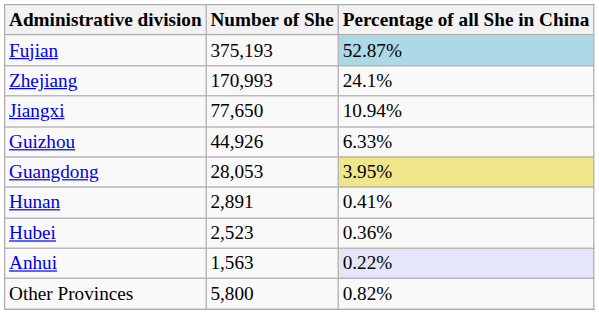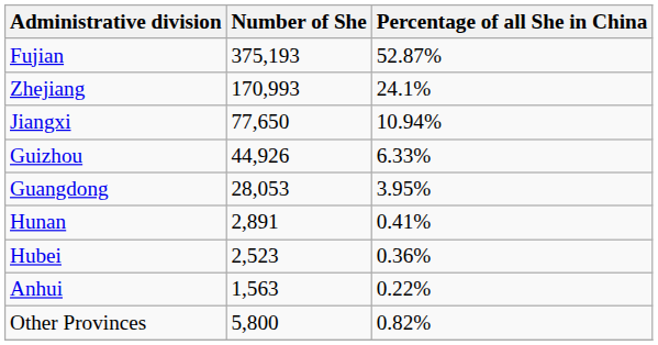 <table class="wikitable">
 <tr ---->
 <th>Administrative division</th>
 <th>Number of She</th>
 <th>Percentage of all She in China</th>
 </tr>
 <tr ---->
 <td><a href='#'>Fujian</a></td>
 <td>375,193</td>
-<td style="background: lightblue;">52.87%</td>
+<td>52.87%</td>
 </tr>
 <tr ---->
 <td><a href='#'>Zhejiang</a></td>
 <td>170,993</td>
 <td>24.1%</td>
 </tr>
 <tr ---->
 <td><a href='#'>Jiangxi</a></td>
 <td>77,650</td>
 <td>10.94%</td>
 </tr>
 <tr ---->
 <td><a href='#'>Guizhou</a></td>
 <td>44,926</td>
 <td>6.33%</td>
 </tr>
 <tr ---->
 <td><a href='#'>Guangdong</a></td>
 <td>28,053</td>
-<td style="background: khaki;">3.95%</td>
+<td>3.95%</td>
 </tr>
 <tr ---->
 <td><a href='#'>Hunan</a></td>
 <td>2,891</td>
 <td>0.41%</td>
 </tr>
 <tr ---->
 <td><a href='#'>Hubei</a></td>
 <td>2,523</td>
 <td>0.36%</td>
 </tr>
 <tr ---->
 <td><a href='#'>Anhui</a></td>
 <td>1,563</td>
-<td style="background: lavender;">0.22%</td>
+<td>0.22%</td>
 </tr>
 <tr ---->
 <td>Other Provinces</td>
 <td>5,800</td>
 <td>0.82%</td>
 </tr>
 <tr ---->
 </tr>
 </table>
